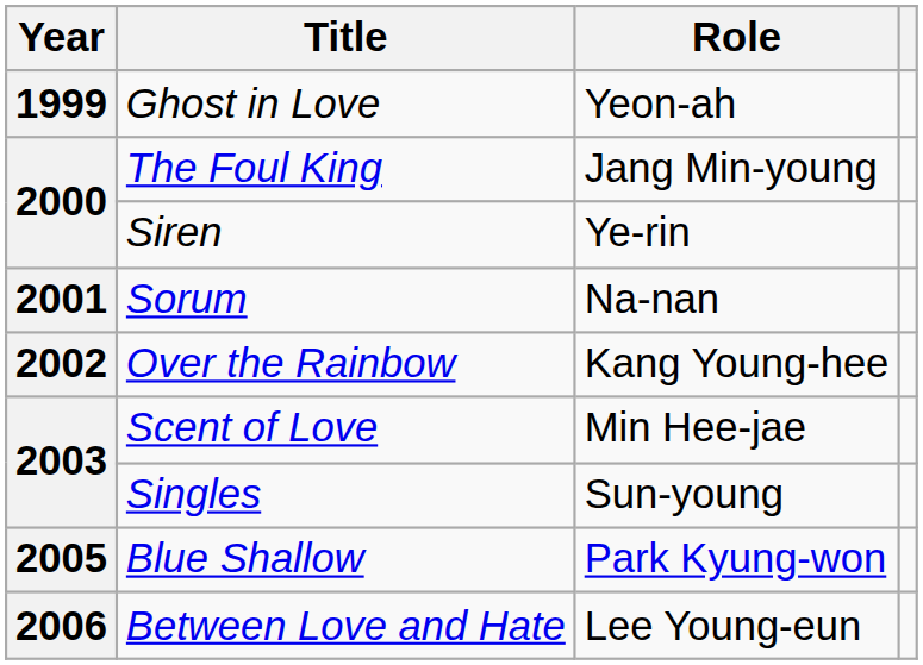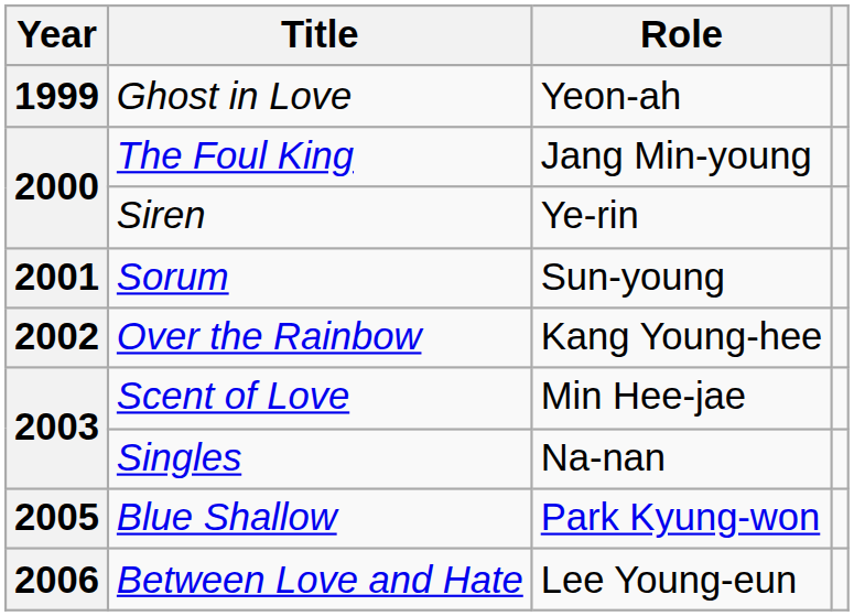 <table class="wikitable plainrowheaders sortable">
 <tr>
 <th scope="col">Year</th>
 <th scope="col">Title</th>
 <th scope="col">Role</th>
 <th scope="col" class="unsortable"></th>
 </tr>
 <tr>
 <th scope="row">1999</th>
 <td><em>Ghost in Love</em></td>
 <td>Yeon-ah</td>
 <td style="text-align:center"></td>
 </tr>
 <tr>
 <th rowspan="2" scope="row">2000</th>
 <td><em><a href='#'>The Foul King</a></em></td>
 <td>Jang Min-young</td>
 <td style="text-align:center"></td>
 </tr>
 <tr>
 <td><em>Siren</em></td>
 <td>Ye-rin</td>
 <td style="text-align:center"></td>
 </tr>
 <tr>
 <th scope="row">2001</th>
 <td><em><a href='#'>Sorum</a></em></td>
-<td>Na-nan</td>
+<td>Sun-young</td>
 <td style="text-align:center"></td>
 </tr>
 <tr>
 <th scope="row">2002</th>
 <td><em><a href='#'>Over the Rainbow</a></em></td>
 <td>Kang Young-hee</td>
 <td style="text-align:center"></td>
 </tr>
 <tr>
 <th rowspan="2" scope="row">2003</th>
 <td><em><a href='#'>Scent of Love</a></em></td>
 <td>Min Hee-jae</td>
 <td style="text-align:center"></td>
 </tr>
 <tr>
 <td><em><a href='#'>Singles</a></em></td>
-<td>Sun-young</td>
+<td>Na-nan</td>
 <td style="text-align:center"></td>
 </tr>
 <tr>
 <th scope="row">2005</th>
 <td><em><a href='#'>Blue Shallow</a></em></td>
 <td><a href='#'>Park Kyung-won</a></td>
 <td style="text-align:center"></td>
 </tr>
 <tr>
 <th scope="row">2006</th>
 <td><em><a href='#'>Between Love and Hate</a></em></td>
 <td>Lee Young-eun</td>
 <td style="text-align:center"></td>
 </tr>
 </table>
